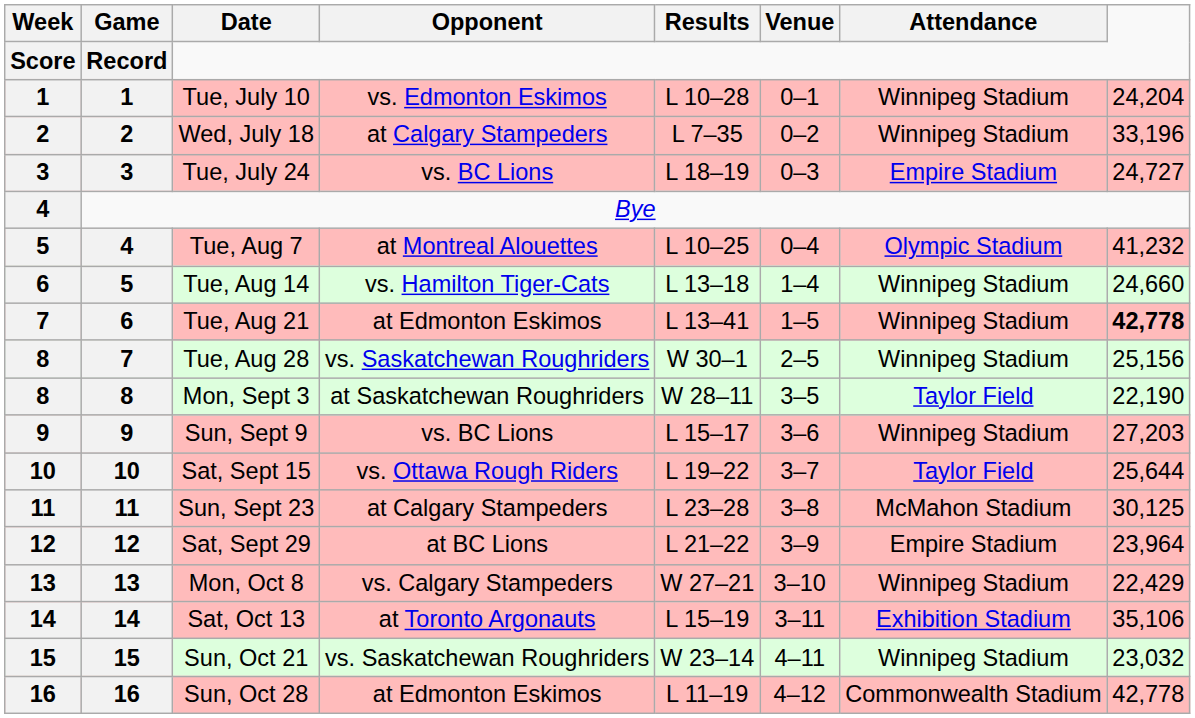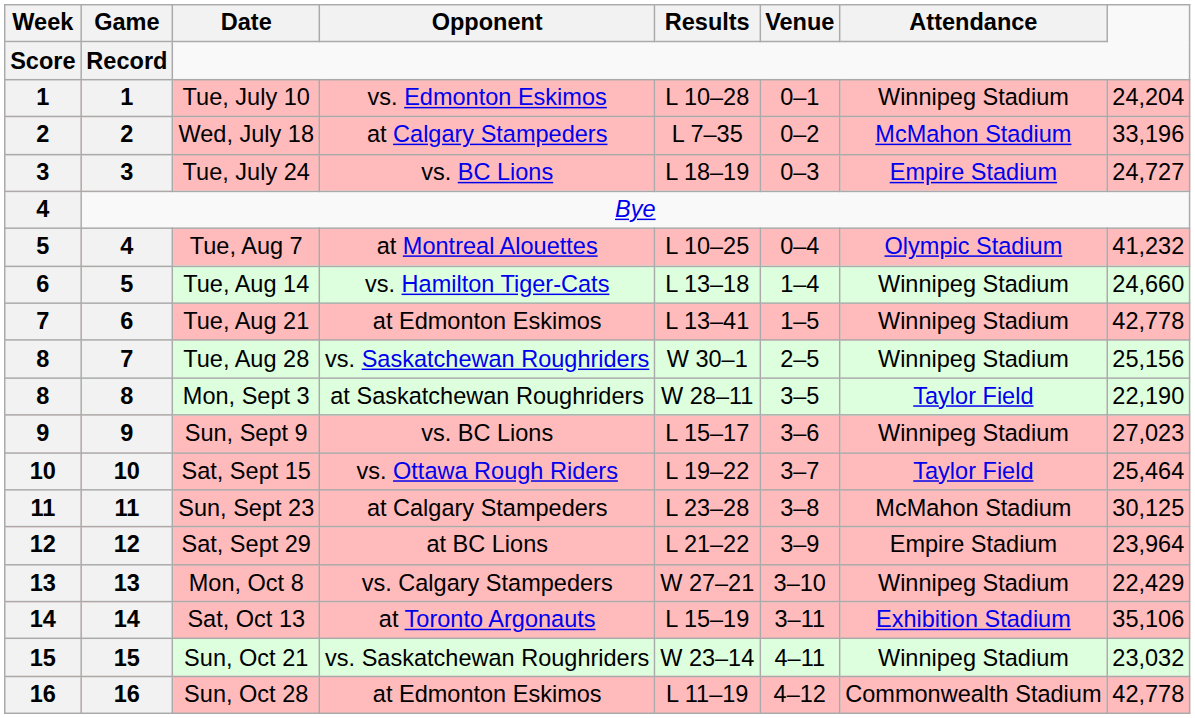 <table class="wikitable" style="text-align:center">
 <tr>
 <th>Week</th>
 <th>Game</th>
 <th>Date</th>
 <th>Opponent</th>
 <th>Results</th>
 <th>Venue</th>
 <th>Attendance</th>
 </tr>
 <tr>
 <th>Score</th>
 <th>Record</th>
 </tr>
 <tr style="background:#ffbbbb">
 <th>1</th>
 <th>1</th>
 <td>Tue, July 10</td>
 <td>vs. <a href='#'>Edmonton Eskimos</a></td>
 <td>L 10–28</td>
 <td>0–1</td>
 <td>Winnipeg Stadium</td>
 <td>24,204</td>
 </tr>
 <tr style="background:#ffbbbb">
 <th>2</th>
 <th>2</th>
 <td>Wed, July 18</td>
 <td>at <a href='#'>Calgary Stampeders</a></td>
 <td>L 7–35</td>
 <td>0–2</td>
-<td>Winnipeg Stadium</td>
+<td><a href='#'>McMahon Stadium</a></td>
 <td>33,196</td>
 </tr>
 <tr style="background:#ffbbbb">
 <th>3</th>
 <th>3</th>
 <td>Tue, July 24</td>
 <td>vs. <a href='#'>BC Lions</a></td>
 <td>L 18–19</td>
 <td>0–3</td>
 <td><a href='#'>Empire Stadium</a></td>
 <td>24,727</td>
 </tr>
 <tr>
 <th>4</th>
 <td colspan=7><em><a href='#'>Bye</a></em></td>
 </tr>
 <tr style="background:#ffbbbb">
 <th>5</th>
 <th>4</th>
 <td>Tue, Aug 7</td>
 <td>at <a href='#'>Montreal Alouettes</a></td>
 <td>L 10–25</td>
 <td>0–4</td>
 <td><a href='#'>Olympic Stadium</a></td>
 <td>41,232</td>
 </tr>
 <tr style="background:#ddffdd">
 <th>6</th>
 <th>5</th>
 <td>Tue, Aug 14</td>
 <td>vs. <a href='#'>Hamilton Tiger-Cats</a></td>
 <td>L 13–18</td>
 <td>1–4</td>
 <td>Winnipeg Stadium</td>
 <td>24,660</td>
 </tr>
 <tr style="background:#ffbbbb">
 <th>7</th>
 <th>6</th>
 <td>Tue, Aug 21</td>
 <td>at Edmonton Eskimos</td>
 <td>L 13–41</td>
 <td>1–5</td>
 <td>Winnipeg Stadium</td>
-<td><strong>42,778</strong></td>
+<td>42,778</td>
 </tr>
 <tr style="background:#ddffdd">
 <th>8</th>
 <th>7</th>
 <td>Tue, Aug 28</td>
 <td>vs. <a href='#'>Saskatchewan Roughriders</a></td>
 <td>W 30–1</td>
 <td>2–5</td>
 <td>Winnipeg Stadium</td>
 <td>25,156</td>
 </tr>
 <tr style="background:#ddffdd">
 <th>8</th>
 <th>8</th>
 <td>Mon, Sept 3</td>
 <td>at Saskatchewan Roughriders</td>
 <td>W 28–11</td>
 <td>3–5</td>
 <td><a href='#'>Taylor Field</a></td>
 <td>22,190</td>
 </tr>
 <tr style="background:#ffbbbb">
 <th>9</th>
 <th>9</th>
 <td>Sun, Sept 9</td>
 <td>vs. BC Lions</td>
 <td>L 15–17</td>
 <td>3–6</td>
 <td>Winnipeg Stadium</td>
-<td>27,203</td>
+<td>27,023</td>
 </tr>
 <tr style="background:#ffbbbb">
 <th>10</th>
 <th>10</th>
 <td>Sat, Sept 15</td>
 <td>vs. <a href='#'>Ottawa Rough Riders</a></td>
 <td>L 19–22</td>
 <td>3–7</td>
 <td><a href='#'>Taylor Field</a></td>
-<td>25,644</td>
+<td>25,464</td>
 </tr>
 <tr style="background:#ffbbbb">
 <th>11</th>
 <th>11</th>
 <td>Sun, Sept 23</td>
 <td>at Calgary Stampeders</td>
 <td>L 23–28</td>
 <td>3–8</td>
 <td>McMahon Stadium</td>
 <td>30,125</td>
 </tr>
 <tr style="background:#ffbbbb">
 <th>12</th>
 <th>12</th>
 <td>Sat, Sept 29</td>
 <td>at BC Lions</td>
 <td>L 21–22</td>
 <td>3–9</td>
 <td>Empire Stadium</td>
 <td>23,964</td>
 </tr>
 <tr style="background:#ffbbbb">
 <th>13</th>
 <th>13</th>
 <td>Mon, Oct 8</td>
 <td>vs. Calgary Stampeders</td>
 <td>W 27–21</td>
 <td>3–10</td>
 <td>Winnipeg Stadium</td>
 <td>22,429</td>
 </tr>
 <tr style="background:#ffbbbb">
 <th>14</th>
 <th>14</th>
 <td>Sat, Oct 13</td>
 <td>at <a href='#'>Toronto Argonauts</a></td>
 <td>L 15–19</td>
 <td>3–11</td>
 <td><a href='#'>Exhibition Stadium</a></td>
 <td>35,106</td>
 </tr>
 <tr style="background:#ddffdd">
 <th>15</th>
 <th>15</th>
 <td>Sun, Oct 21</td>
 <td>vs. Saskatchewan Roughriders</td>
 <td>W 23–14</td>
 <td>4–11</td>
 <td>Winnipeg Stadium</td>
 <td>23,032</td>
 </tr>
 <tr style="background:#ffbbbb">
 <th>16</th>
 <th>16</th>
 <td>Sun, Oct 28</td>
 <td>at Edmonton Eskimos</td>
 <td>L 11–19</td>
 <td>4–12</td>
 <td>Commonwealth Stadium</td>
 <td>42,778</td>
 </tr>
 </table>
